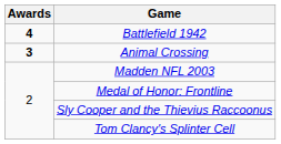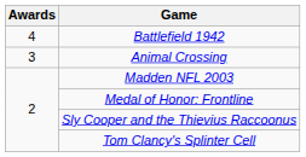 <table class="wikitable floatleft" rowspan="2" style="text-align:center;" background: #f6e39c;>
 <tr>
 <th scope="col">Awards</th>
 <th scope="col">Game</th>
 </tr>
 <tr>
-<td><strong>4</strong></td>
+<td>4</td>
 <td><em><a href='#'>Battlefield 1942</a></em></td>
 </tr>
 <tr>
-<td style="text-align: center;"><strong>3</strong></td>
+<td style="text-align: center;">3</td>
 <td><em><a href='#'>Animal Crossing</a></em></td>
 </tr>
 <tr>
 <td rowspan=4>2</td>
 <td><em><a href='#'>Madden NFL 2003</a></em></td>
 </tr>
 <tr>
 <td><em><a href='#'>Medal of Honor: Frontline</a></em></td>
 </tr>
 <tr>
 <td><em><a href='#'>Sly Cooper and the Thievius Raccoonus</a></em></td>
 </tr>
 <tr>
 <td><em><a href='#'>Tom Clancy's Splinter Cell</a></em></td>
 </tr>
 </table>
